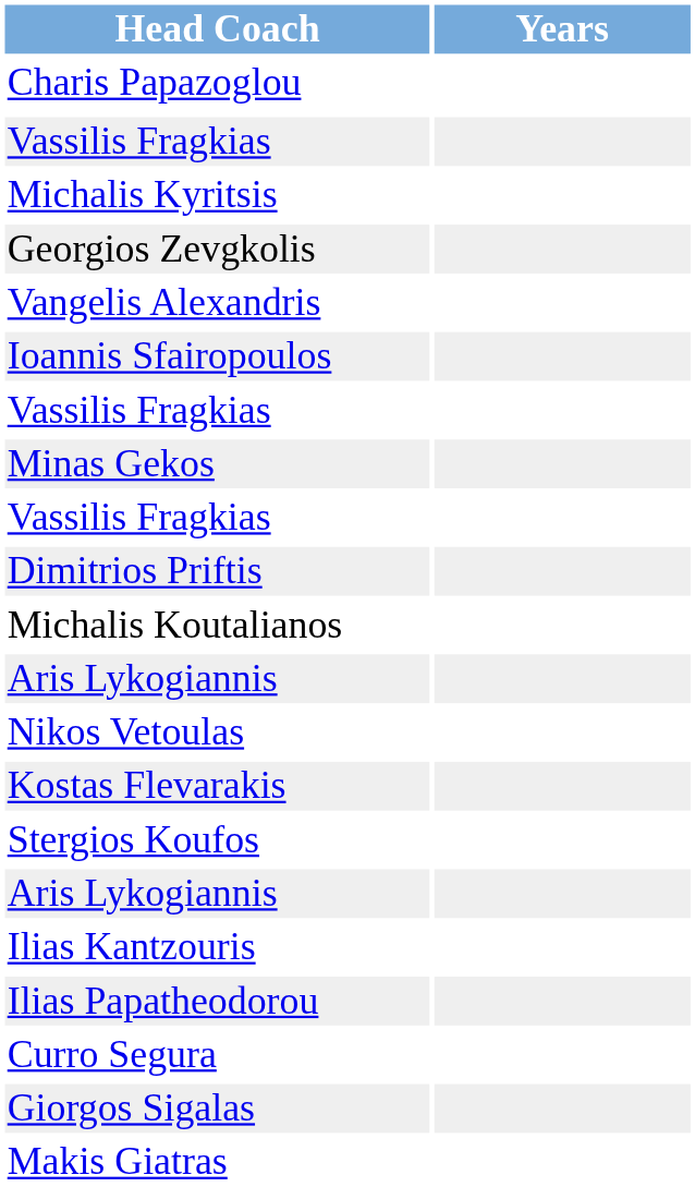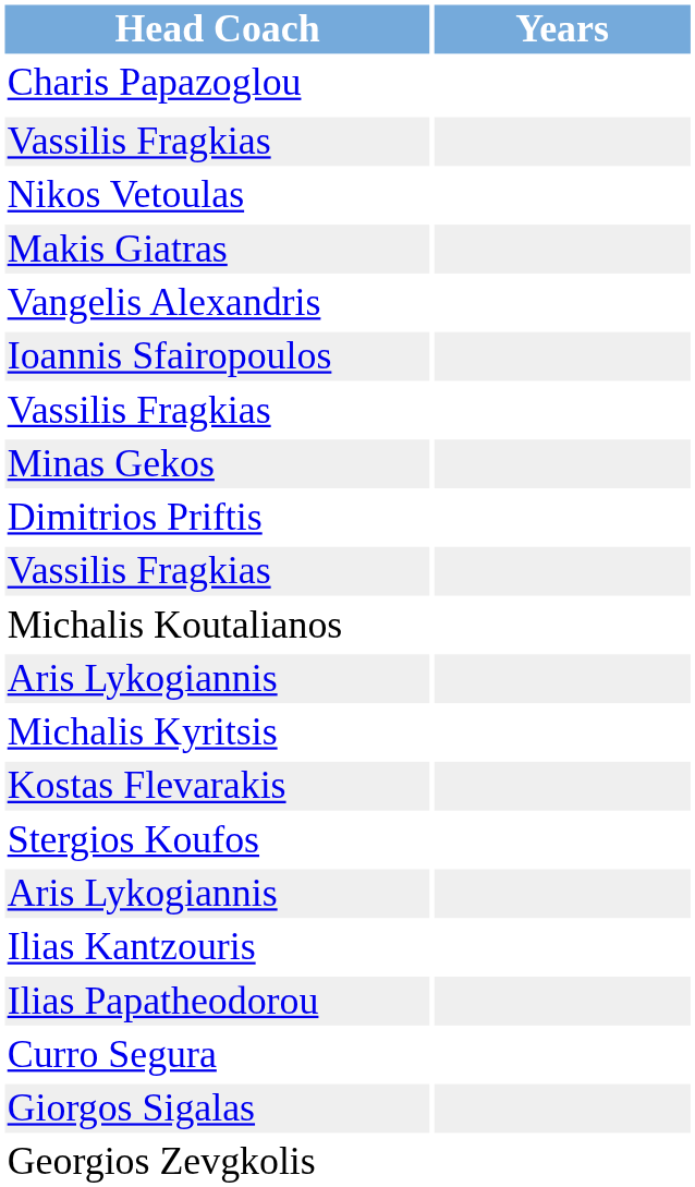 <table>
 <tr style="color:#FFFFFF; background:#75AADB;">
 <th width="50%">Head Coach</th>
 <th width="30%">Years</th>
 </tr>
 <tr>
 <td> <a href='#'>Charis Papazoglou</a></td>
 <td></td>
 </tr>
 <tr bgcolor="#EFEFEF">
 </tr>
 <tr bgcolor="#EFEFEF">
 <td> <a href='#'>Vassilis Fragkias</a></td>
 <td></td>
 </tr>
 <tr>
-<td> <a href='#'>Michalis Kyritsis</a></td>
+<td> <a href='#'>Nikos Vetoulas</a></td>
 <td></td>
 </tr>
 <tr bgcolor="#EFEFEF">
-<td> Georgios Zevgkolis</td>
+<td> <a href='#'>Makis Giatras</a></td>
 <td></td>
 </tr>
 <tr>
 <td> <a href='#'>Vangelis Alexandris</a></td>
 <td></td>
 </tr>
 <tr bgcolor="#EFEFEF">
 <td> <a href='#'>Ioannis Sfairopoulos</a></td>
 <td></td>
 </tr>
 <tr>
 <td> <a href='#'>Vassilis Fragkias</a></td>
 <td></td>
 </tr>
 <tr bgcolor="#EFEFEF">
 <td> <a href='#'>Minas Gekos</a></td>
 <td></td>
 </tr>
 <tr>
-<td> <a href='#'>Vassilis Fragkias</a></td>
+<td> <a href='#'>Dimitrios Priftis</a></td>
 <td></td>
 </tr>
 <tr bgcolor="#EFEFEF">
-<td> <a href='#'>Dimitrios Priftis</a></td>
+<td> <a href='#'>Vassilis Fragkias</a></td>
 <td></td>
 </tr>
 <tr>
 <td> Michalis Koutalianos</td>
 <td></td>
 </tr>
 <tr bgcolor="#EFEFEF">
 <td> <a href='#'>Aris Lykogiannis</a></td>
 <td></td>
 </tr>
 <tr>
-<td> <a href='#'>Nikos Vetoulas</a></td>
+<td> <a href='#'>Michalis Kyritsis</a></td>
 <td></td>
 </tr>
 <tr bgcolor="#EFEFEF">
 <td> <a href='#'>Kostas Flevarakis</a></td>
 <td></td>
 </tr>
 <tr>
 <td> <a href='#'>Stergios Koufos</a></td>
 <td></td>
 </tr>
 <tr bgcolor="#EFEFEF">
 <td> <a href='#'>Aris Lykogiannis</a></td>
 <td></td>
 </tr>
 <tr>
 <td> <a href='#'>Ilias Kantzouris</a></td>
 <td></td>
 </tr>
 <tr bgcolor="#EFEFEF">
 <td> <a href='#'>Ilias Papatheodorou</a></td>
 <td></td>
 </tr>
 <tr>
 <td> <a href='#'>Curro Segura</a></td>
 <td></td>
 </tr>
 <tr bgcolor="#EFEFEF">
 <td> <a href='#'>Giorgos Sigalas</a></td>
 <td></td>
 </tr>
 <tr>
-<td> <a href='#'>Makis Giatras</a></td>
+<td> Georgios Zevgkolis</td>
 <td></td>
 </tr>
 </table>
